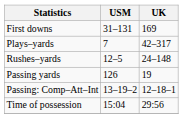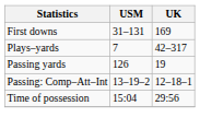 <table class="wikitable" style="float: left;">
 <tr>
 <th>Statistics</th>
 <th>USM</th>
 <th>UK</th>
 </tr>
 <tr>
 <td>First downs</td>
 <td>31–131</td>
 <td>169</td>
 </tr>
 <tr>
 <td>Plays–yards</td>
 <td>7</td>
 <td>42–317</td>
-</tr>
-<tr>
-<td>Rushes–yards</td>
-<td>12–5</td>
-<td>24–148</td>
 </tr>
 <tr>
 <td>Passing yards</td>
 <td>126</td>
 <td>19</td>
 </tr>
 <tr>
 <td>Passing: Comp–Att–Int</td>
 <td>13–19–2</td>
 <td>12–18–1</td>
 </tr>
 <tr>
 <td>Time of possession</td>
 <td>15:04</td>
 <td>29:56</td>
 </tr>
 <tr>
 </tr>
 </table>
